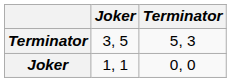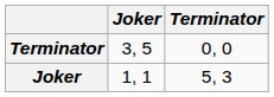 <table class="wikitable" style="text-align:center;">
 <tr>
 <th></th>
 <th><em>Joker</em></th>
 <th><em>Terminator</em></th>
 </tr>
 <tr>
 <th><em>Terminator</em></th>
 <td>3, 5</td>
-<td>5, 3</td>
+<td>0, 0</td>
 </tr>
 <tr>
 <th><em>Joker</em></th>
 <td>1, 1</td>
-<td>0, 0</td>
+<td>5, 3</td>
 </tr>
 </table>
